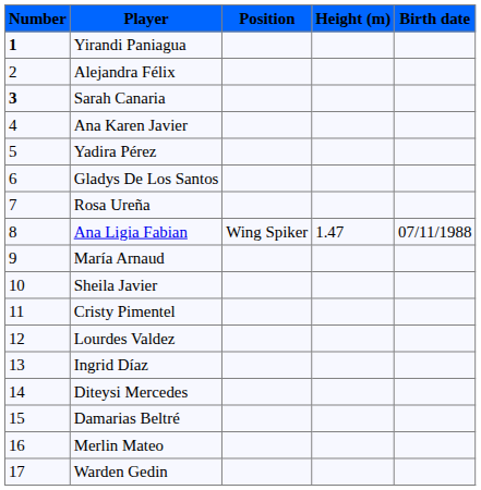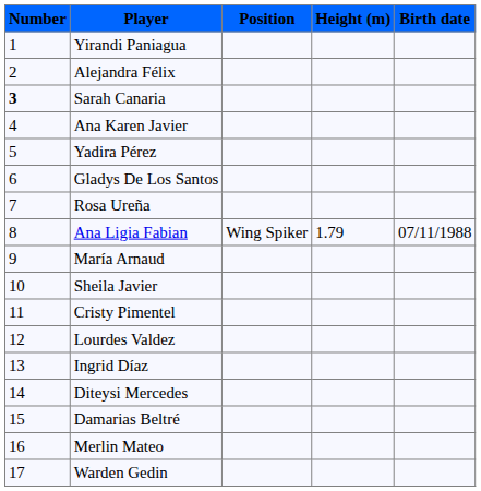 <table bgcolor="#f7f8ff" cellpadding="3" cellspacing="0" border="1" style="font-size: 95%; border: gray solid 1px; border-collapse: collapse;">
 <tr bgcolor="#0066ff">
 <td align=center><strong>Number</strong></td>
 <td align=center><strong>Player</strong></td>
 <td align=center><strong>Position</strong></td>
 <td align=center><strong>Height (m)</strong></td>
 <td align=center><strong>Birth date</strong></td>
 </tr>
 <tr align=left>
-<td><strong>1</strong></td>
+<td>1</td>
 <td> Yirandi Paniagua</td>
 <td></td>
 <td></td>
 <td></td>
 </tr>
 <tr align="left">
 <td>2</td>
 <td> Alejandra Félix</td>
 <td></td>
 <td></td>
 <td></td>
 </tr>
 <tr align="left">
 <td><strong>3</strong></td>
 <td> Sarah Canaria</td>
 <td></td>
 <td></td>
 <td></td>
 </tr>
 <tr align="left">
 <td>4</td>
 <td> Ana Karen Javier</td>
 <td></td>
 <td></td>
 <td></td>
 </tr>
 <tr align="left">
 <td>5</td>
 <td> Yadira Pérez</td>
 <td></td>
 <td></td>
 <td></td>
 </tr>
 <tr align="left">
 <td>6</td>
 <td> Gladys De Los Santos</td>
 <td></td>
 <td></td>
 <td></td>
 </tr>
 <tr align="left">
 <td>7</td>
 <td> Rosa Ureña</td>
 <td></td>
 <td></td>
 <td></td>
 </tr>
 <tr align="left">
 <td>8</td>
 <td> <a href='#'>Ana Ligia Fabian</a></td>
 <td>Wing Spiker</td>
-<td>1.47</td>
+<td>1.79</td>
 <td>07/11/1988</td>
 </tr>
 <tr align="left">
 <td>9</td>
 <td> María Arnaud</td>
 <td></td>
 <td></td>
 <td></td>
 </tr>
 <tr align="left">
 <td>10</td>
 <td> Sheila Javier</td>
 <td></td>
 <td></td>
 <td></td>
 </tr>
 <tr align="left">
 <td>11</td>
 <td> Cristy Pimentel</td>
 <td></td>
 <td></td>
 <td></td>
 </tr>
 <tr align="left">
 <td>12</td>
 <td> Lourdes Valdez</td>
 <td></td>
 <td></td>
 <td></td>
 </tr>
 <tr align="left">
 <td>13</td>
 <td> Ingrid Díaz</td>
 <td></td>
 <td></td>
 <td></td>
 </tr>
 <tr align="left">
 <td>14</td>
 <td> Diteysi Mercedes</td>
 <td></td>
 <td></td>
 <td></td>
 </tr>
 <tr align="left">
 <td>15</td>
 <td> Damarias Beltré</td>
 <td></td>
 <td></td>
 <td></td>
 </tr>
 <tr align="left">
 <td>16</td>
 <td> Merlin Mateo</td>
 <td></td>
 <td></td>
 <td></td>
 </tr>
 <tr align="left">
 <td>17</td>
 <td> Warden Gedin</td>
 <td></td>
 <td></td>
 <td></td>
 </tr>
 <tr align="left">
 </tr>
 </table>
